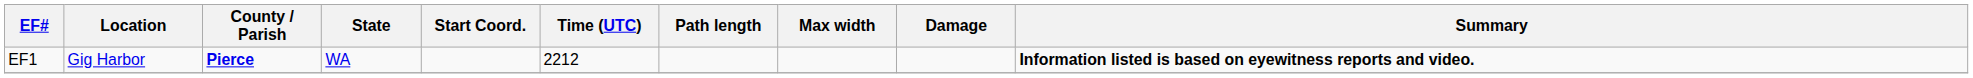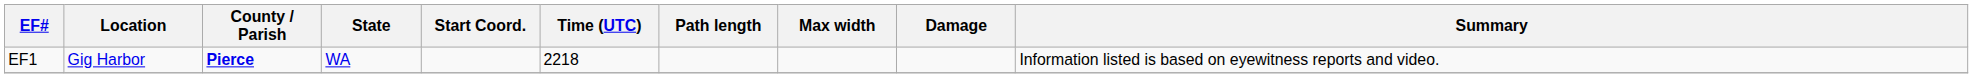 <table class="wikitable sortable" style="width:100%;">
 <tr>
 <th scope="col" width="3%" align="center"><a href='#'>EF#</a></th>
 <th scope="col" width="7%" align="center" class="unsortable">Location</th>
 <th scope="col" width="6%" align="center" class="unsortable">County / Parish</th>
 <th scope="col" width="5%" align="center">State</th>
 <th scope="col" width="6%" align="center">Start Coord.</th>
 <th scope="col" width="6%" align="center">Time (<a href='#'>UTC</a>)</th>
 <th scope="col" width="6%" align="center">Path length</th>
 <th scope="col" width="6%" align="center">Max width</th>
 <th scope="col" width="6%" align="center">Damage</th>
 <th scope="col" width="48%" class="unsortable" align="center">Summary</th>
 </tr>
 <tr>
 <td>EF1</td>
 <td><a href='#'>Gig Harbor</a></td>
 <td><strong><a href='#'>Pierce</a></strong></td>
 <td><a href='#'>WA</a></td>
 <td></td>
-<td>2212</td>
+<td>2218</td>
 <td></td>
 <td></td>
 <td></td>
-<td><strong>Information listed is based on eyewitness reports and video.</strong></td>
+<td>Information listed is based on eyewitness reports and video.</td>
 </tr>
 <tr>
 </tr>
 </table>
